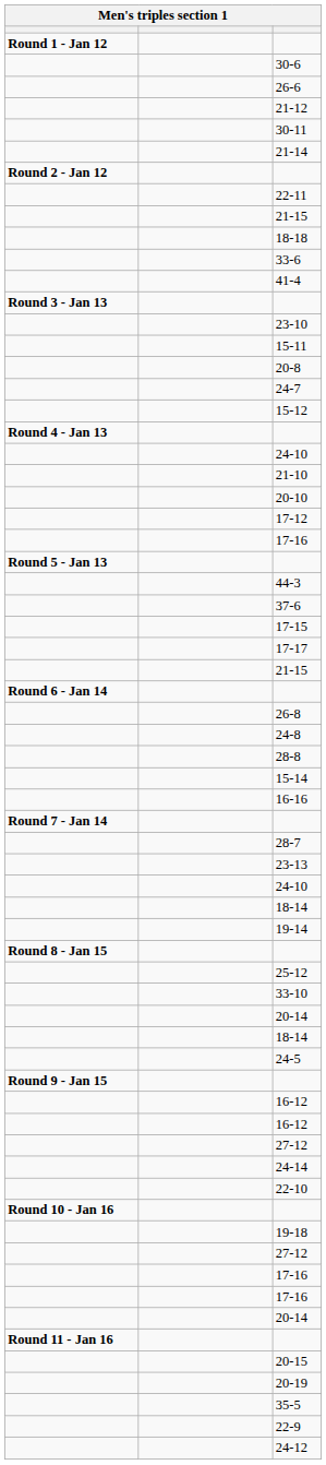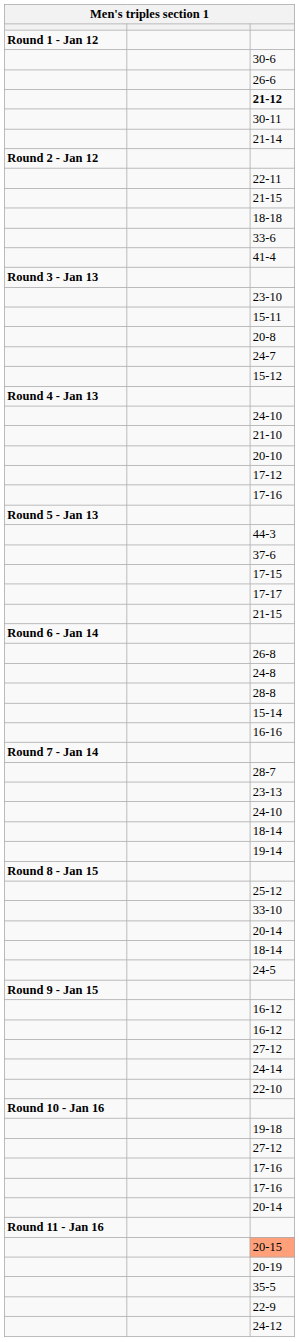 <table class="wikitable">
 <tr>
 <th colspan="3">Men's triples section 1</th>
 </tr>
 <tr>
 <th width=150></th>
 <th width=150></th>
 <th width=50></th>
 </tr>
 <tr>
 <td><strong>Round 1 - Jan 12</strong></td>
 <td></td>
 <td></td>
 </tr>
 <tr>
 <td></td>
 <td></td>
 <td>30-6</td>
 </tr>
 <tr>
 <td></td>
 <td></td>
 <td>26-6</td>
 </tr>
 <tr>
 <td></td>
 <td></td>
-<td>21-12</td>
+<td><strong>21-12</strong></td>
 </tr>
 <tr>
 <td></td>
 <td></td>
 <td>30-11</td>
 </tr>
 <tr>
 <td></td>
 <td></td>
 <td>21-14</td>
 </tr>
 <tr>
 <td><strong>Round 2 - Jan 12</strong></td>
 <td></td>
 <td></td>
 </tr>
 <tr>
 <td></td>
 <td></td>
 <td>22-11</td>
 </tr>
 <tr>
 <td></td>
 <td></td>
 <td>21-15</td>
 </tr>
 <tr>
 <td></td>
 <td></td>
 <td>18-18</td>
 </tr>
 <tr>
 <td></td>
 <td></td>
 <td>33-6</td>
 </tr>
 <tr>
 <td></td>
 <td></td>
 <td>41-4</td>
 </tr>
 <tr>
 <td><strong>Round 3 - Jan 13</strong></td>
 <td></td>
 <td></td>
 </tr>
 <tr>
 <td></td>
 <td></td>
 <td>23-10</td>
 </tr>
 <tr>
 <td></td>
 <td></td>
 <td>15-11</td>
 </tr>
 <tr>
 <td></td>
 <td></td>
 <td>20-8</td>
 </tr>
 <tr>
 <td></td>
 <td></td>
 <td>24-7</td>
 </tr>
 <tr>
 <td></td>
 <td></td>
 <td>15-12</td>
 </tr>
 <tr>
 <td><strong>Round 4 - Jan 13</strong></td>
 <td></td>
 <td></td>
 </tr>
 <tr>
 <td></td>
 <td></td>
 <td>24-10</td>
 </tr>
 <tr>
 <td></td>
 <td></td>
 <td>21-10</td>
 </tr>
 <tr>
 <td></td>
 <td></td>
 <td>20-10</td>
 </tr>
 <tr>
 <td></td>
 <td></td>
 <td>17-12</td>
 </tr>
 <tr>
 <td></td>
 <td></td>
 <td>17-16</td>
 </tr>
 <tr>
 <td><strong>Round 5 - Jan 13</strong></td>
 <td></td>
 <td></td>
 </tr>
 <tr>
 <td></td>
 <td></td>
 <td>44-3</td>
 </tr>
 <tr>
 <td></td>
 <td></td>
 <td>37-6</td>
 </tr>
 <tr>
 <td></td>
 <td></td>
 <td>17-15</td>
 </tr>
 <tr>
 <td></td>
 <td></td>
 <td>17-17</td>
 </tr>
 <tr>
 <td></td>
 <td></td>
 <td>21-15</td>
 </tr>
 <tr>
 <td><strong>Round 6  - Jan 14</strong></td>
 <td></td>
 <td></td>
 </tr>
 <tr>
 <td></td>
 <td></td>
 <td>26-8</td>
 </tr>
 <tr>
 <td></td>
 <td></td>
 <td>24-8</td>
 </tr>
 <tr>
 <td></td>
 <td></td>
 <td>28-8</td>
 </tr>
 <tr>
 <td></td>
 <td></td>
 <td>15-14</td>
 </tr>
 <tr>
 <td></td>
 <td></td>
 <td>16-16</td>
 </tr>
 <tr>
 <td><strong>Round 7 - Jan 14</strong></td>
 <td></td>
 <td></td>
 </tr>
 <tr>
 <td></td>
 <td></td>
 <td>28-7</td>
 </tr>
 <tr>
 <td></td>
 <td></td>
 <td>23-13</td>
 </tr>
 <tr>
 <td></td>
 <td></td>
 <td>24-10</td>
 </tr>
 <tr>
 <td></td>
 <td></td>
 <td>18-14</td>
 </tr>
 <tr>
 <td></td>
 <td></td>
 <td>19-14</td>
 </tr>
 <tr>
 <td><strong>Round 8 - Jan 15</strong></td>
 <td></td>
 <td></td>
 </tr>
 <tr>
 <td></td>
 <td></td>
 <td>25-12</td>
 </tr>
 <tr>
 <td></td>
 <td></td>
 <td>33-10</td>
 </tr>
 <tr>
 <td></td>
 <td></td>
 <td>20-14</td>
 </tr>
 <tr>
 <td></td>
 <td></td>
 <td>18-14</td>
 </tr>
 <tr>
 <td></td>
 <td></td>
 <td>24-5</td>
 </tr>
 <tr>
 <td><strong>Round 9 - Jan 15</strong></td>
 <td></td>
 <td></td>
 </tr>
 <tr>
 <td></td>
 <td></td>
 <td>16-12</td>
 </tr>
 <tr>
 <td></td>
 <td></td>
 <td>16-12</td>
 </tr>
 <tr>
 <td></td>
 <td></td>
 <td>27-12</td>
 </tr>
 <tr>
 <td></td>
 <td></td>
 <td>24-14</td>
 </tr>
 <tr>
 <td></td>
 <td></td>
 <td>22-10</td>
 </tr>
 <tr>
 <td><strong>Round 10 - Jan 16</strong></td>
 <td></td>
 <td></td>
 </tr>
 <tr>
 <td></td>
 <td></td>
 <td>19-18</td>
 </tr>
 <tr>
 <td></td>
 <td></td>
 <td>27-12</td>
 </tr>
 <tr>
 <td></td>
 <td></td>
 <td>17-16</td>
 </tr>
 <tr>
 <td></td>
 <td></td>
 <td>17-16</td>
 </tr>
 <tr>
 <td></td>
 <td></td>
 <td>20-14</td>
 </tr>
 <tr>
 <td><strong>Round 11 - Jan 16</strong></td>
 <td></td>
 <td></td>
 </tr>
 <tr>
 <td></td>
 <td></td>
-<td>20-15</td>
+<td style="background: lightsalmon;">20-15</td>
 </tr>
 <tr>
 <td></td>
 <td></td>
 <td>20-19</td>
 </tr>
 <tr>
 <td></td>
 <td></td>
 <td>35-5</td>
 </tr>
 <tr>
 <td></td>
 <td></td>
 <td>22-9</td>
 </tr>
 <tr>
 <td></td>
 <td></td>
 <td>24-12</td>
 </tr>
 </table>
